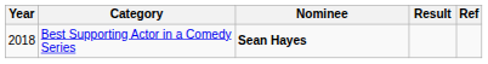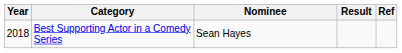 <table class="wikitable" style="width:100%;">
 <tr>
 <th style="width:6%;">Year</th>
 <th style="width:42%;">Category</th>
 <th style="width:37%;">Nominee</th>
 <th style="width:10%;">Result</th>
 <th style="width:5%;">Ref</th>
 </tr>
 <tr>
 <td rowspan="2" style="text-align:center;">2018</td>
 <td><a href='#'>Best Supporting Actor in a Comedy Series</a></td>
-<td><strong>Sean Hayes</strong></td>
+<td>Sean Hayes</td>
 <td></td>
 <td rowspan="2" style="text-align:center;"></td>
 </tr>
 </table>
